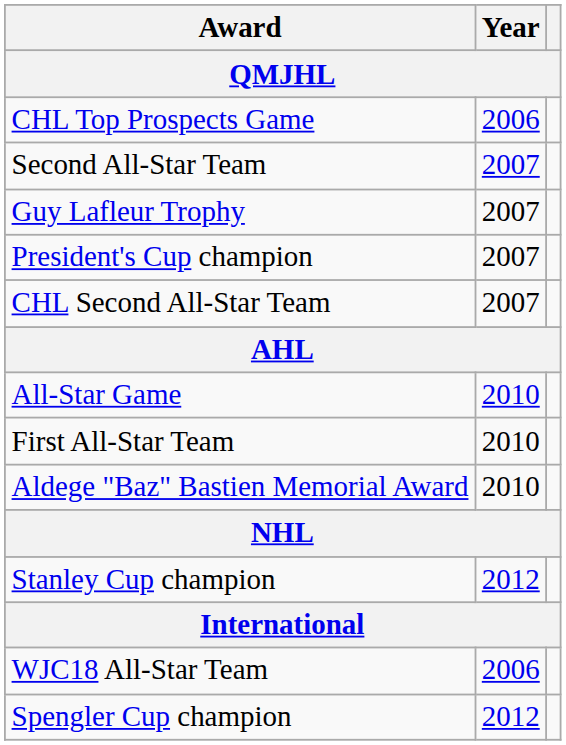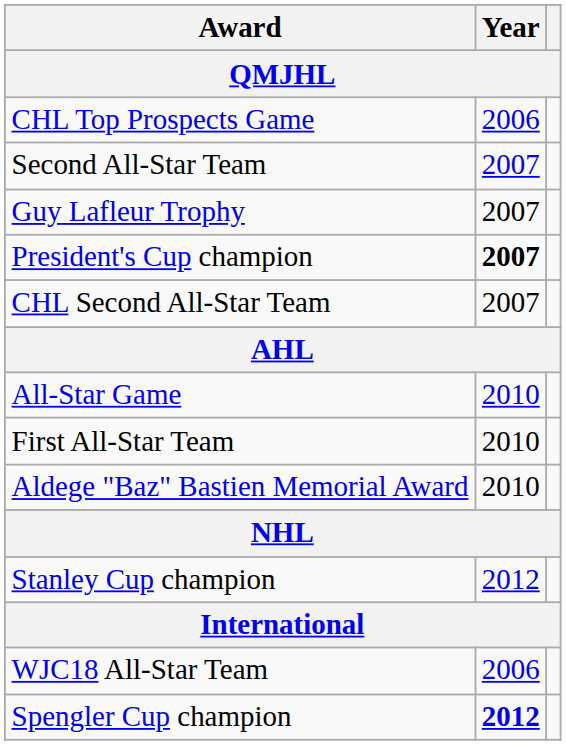 <table class="wikitable">
 <tr>
 <th>Award</th>
 <th>Year</th>
 <th></th>
 </tr>
 <tr>
 <th colspan="3"><a href='#'>QMJHL</a></th>
 </tr>
 <tr>
 <td><a href='#'>CHL Top Prospects Game</a></td>
 <td><a href='#'>2006</a></td>
 <td></td>
 </tr>
 <tr>
 <td>Second All-Star Team</td>
 <td><a href='#'>2007</a></td>
 <td></td>
 </tr>
 <tr>
 <td><a href='#'>Guy Lafleur Trophy</a></td>
 <td>2007</td>
 <td></td>
 </tr>
 <tr>
 <td><a href='#'>President's Cup</a> champion</td>
-<td>2007</td>
+<td><strong>2007</strong></td>
 <td></td>
 </tr>
 <tr>
 <td><a href='#'>CHL</a> Second All-Star Team</td>
 <td>2007</td>
 <td></td>
 </tr>
 <tr>
 <th colspan="3"><a href='#'>AHL</a></th>
 </tr>
 <tr>
 <td><a href='#'>All-Star Game</a></td>
 <td><a href='#'>2010</a></td>
 <td></td>
 </tr>
 <tr>
 <td>First All-Star Team</td>
 <td>2010</td>
 <td></td>
 </tr>
 <tr>
 <td><a href='#'>Aldege "Baz" Bastien Memorial Award</a></td>
 <td>2010</td>
 <td></td>
 </tr>
 <tr>
 <th colspan="3"><a href='#'>NHL</a></th>
 </tr>
 <tr>
 <td><a href='#'>Stanley Cup</a> champion</td>
 <td><a href='#'>2012</a></td>
 <td></td>
 </tr>
 <tr>
 <th colspan="3"><a href='#'>International</a></th>
 </tr>
 <tr>
 <td><a href='#'>WJC18</a> All-Star Team</td>
 <td><a href='#'>2006</a></td>
 <td></td>
 </tr>
 <tr>
 <td><a href='#'>Spengler Cup</a> champion</td>
-<td><a href='#'>2012</a></td>
+<td><strong><a href='#'>2012</a></strong></td>
 <td></td>
 </tr>
 </table>
